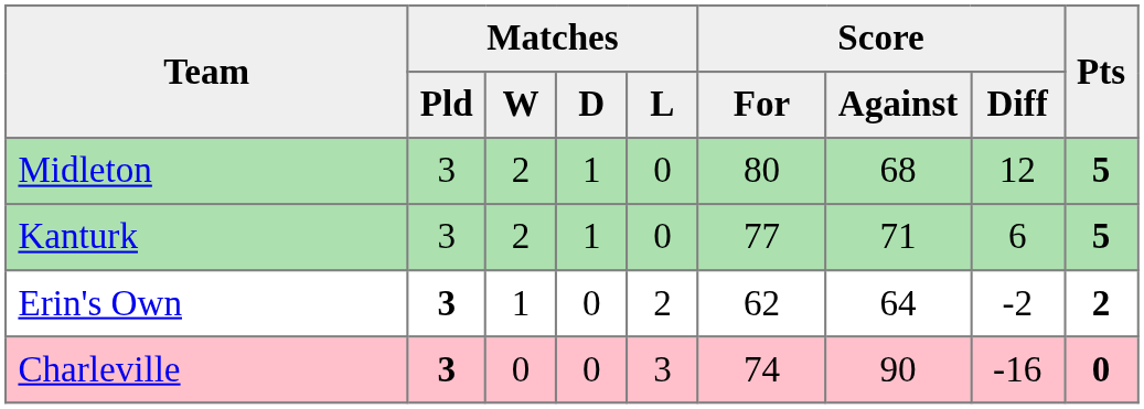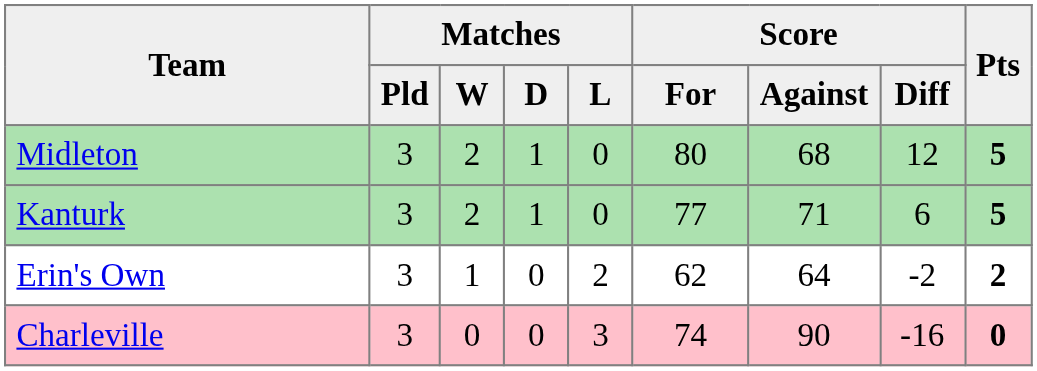 <table style=border-collapse:collapse border=1 cellspacing=0 cellpadding=5>
 <tr align=center bgcolor=#efefef>
 <th rowspan=2 width=165>Team</th>
 <th colspan=4>Matches</th>
 <th colspan=3>Score</th>
 <th rowspan=2width=20>Pts</th>
 </tr>
 <tr align=center bgcolor=#efefef>
 <th width=20>Pld</th>
 <th width=20>W</th>
 <th width=20>D</th>
 <th width=20>L</th>
 <th width=45>For</th>
 <th width=45>Against</th>
 <th width=30>Diff</th>
 </tr>
 <tr align=center style="background:#ACE1AF;">
 <td style="text-align:left;"><a href='#'>Midleton</a></td>
 <td>3</td>
 <td>2</td>
 <td>1</td>
 <td>0</td>
 <td>80</td>
 <td>68</td>
 <td>12</td>
 <td><strong>5</strong></td>
 </tr>
 <tr align=center style="background:#ACE1AF;">
 <td style="text-align:left;"><a href='#'>Kanturk</a></td>
 <td>3</td>
 <td>2</td>
 <td>1</td>
 <td>0</td>
 <td>77</td>
 <td>71</td>
 <td>6</td>
 <td><strong>5</strong></td>
 </tr>
 <tr align=center>
 <td style="text-align:left;"><a href='#'>Erin's Own</a></td>
-<td><strong>3</strong></td>
+<td>3</td>
 <td>1</td>
 <td>0</td>
 <td>2</td>
 <td>62</td>
 <td>64</td>
 <td>-2</td>
 <td><strong>2</strong></td>
 </tr>
 <tr align=center style="background:#FFC0CB;">
 <td style="text-align:left;"><a href='#'>Charleville</a></td>
-<td><strong>3</strong></td>
+<td>3</td>
 <td>0</td>
 <td>0</td>
 <td>3</td>
 <td>74</td>
 <td>90</td>
 <td>-16</td>
 <td><strong>0</strong></td>
 </tr>
 </table>
